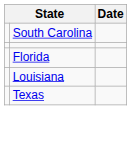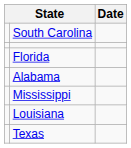 <table class="sortable wikitable" style="align:left">
 <tr>
 <th colspan=2>State</th>
 <th>Date</th>
 </tr>
 <tr>
 <td></td>
 <td> <a href='#'>South Carolina</a></td>
 <td></td>
 </tr>
 <tr>
 <td></td>
 <td></td>
 <td></td>
 </tr>
 <tr>
 <td></td>
 <td> <a href='#'>Florida</a></td>
 <td></td>
 </tr>
 <tr>
 <td></td>
+<td> <a href='#'>Alabama</a></td>
+<td></td>
+</tr>
+<tr>
+<td></td>
+<td> <a href='#'>Mississippi</a></td>
+<td></td>
+</tr>
+<tr>
+<td></td>
 <td> <a href='#'>Louisiana</a></td>
 <td></td>
 </tr>
 <tr>
 <td></td>
 <td> <a href='#'>Texas</a></td>
 <td></td>
 </tr>
 </table>
